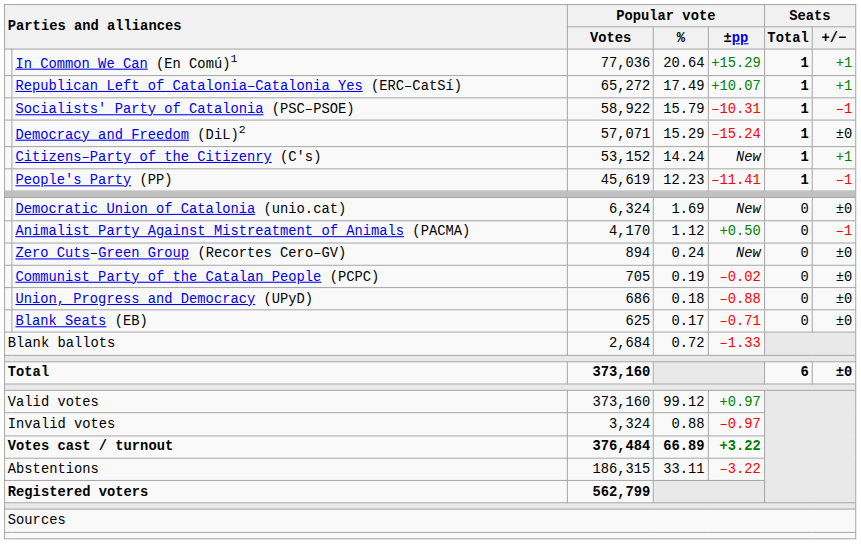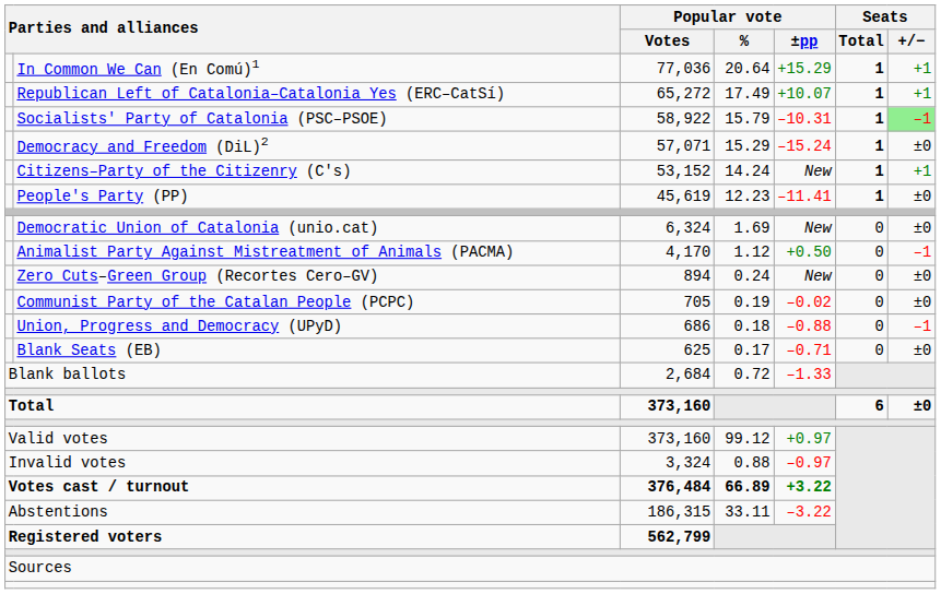 <table class="wikitable" style="text-align:right;">
 <tr>
 <th style="text-align:left;" rowspan="2" colspan="2" width="525">Parties and alliances</th>
 <th colspan="3">Popular vote</th>
 <th colspan="2">Seats</th>
 </tr>
 <tr>
 <th width="75">Votes</th>
 <th width="45">%</th>
 <th width="45">±<a href='#'>pp</a></th>
 <th width="35">Total</th>
 <th width="35">+/−</th>
 </tr>
 <tr>
 <td width="1" style="color:inherit;background:"></td>
 <td align="left"><a href='#'>In Common We Can</a> (En Comú)<sup>1</sup></td>
 <td>77,036</td>
 <td>20.64</td>
 <td style="color:green;">+15.29</td>
 <td><strong>1</strong></td>
 <td style="color:green;">+1</td>
 </tr>
 <tr>
 <td style="color:inherit;background:"></td>
 <td align="left"><a href='#'>Republican Left of Catalonia–Catalonia Yes</a> (ERC–CatSí)</td>
 <td>65,272</td>
 <td>17.49</td>
 <td style="color:green;">+10.07</td>
 <td><strong>1</strong></td>
 <td style="color:green;">+1</td>
 </tr>
 <tr>
 <td style="color:inherit;background:"></td>
 <td align="left"><a href='#'>Socialists' Party of Catalonia</a> (PSC–PSOE)</td>
 <td>58,922</td>
 <td>15.79</td>
 <td style="color:red;">–10.31</td>
 <td><strong>1</strong></td>
-<td style="color:red;">–1</td>
+<td style="background: lightgreen; color:red;">–1</td>
 </tr>
 <tr>
 <td style="color:inherit;background:"></td>
 <td align="left"><a href='#'>Democracy and Freedom</a> (DiL)<sup>2</sup></td>
 <td>57,071</td>
 <td>15.29</td>
 <td style="color:red;">–15.24</td>
 <td><strong>1</strong></td>
 <td>±0</td>
 </tr>
 <tr>
 <td style="color:inherit;background:"></td>
 <td align="left"><a href='#'>Citizens–Party of the Citizenry</a> (C's)</td>
 <td>53,152</td>
 <td>14.24</td>
 <td><em>New</em></td>
 <td><strong>1</strong></td>
 <td style="color:green;">+1</td>
 </tr>
 <tr>
 <td style="color:inherit;background:"></td>
 <td align="left"><a href='#'>People's Party</a> (PP)</td>
 <td>45,619</td>
 <td>12.23</td>
 <td style="color:red;">–11.41</td>
 <td><strong>1</strong></td>
-<td style="color:red;">–1</td>
+<td>±0</td>
 </tr>
 <tr>
 <td colspan="7" bgcolor="#C0C0C0"></td>
 </tr>
 <tr>
 <td style="color:inherit;background:"></td>
 <td align="left"><a href='#'>Democratic Union of Catalonia</a> (unio.cat)</td>
 <td>6,324</td>
 <td>1.69</td>
 <td><em>New</em></td>
 <td>0</td>
 <td>±0</td>
 </tr>
 <tr>
 <td style="color:inherit;background:"></td>
 <td align="left"><a href='#'>Animalist Party Against Mistreatment of Animals</a> (PACMA)</td>
 <td>4,170</td>
 <td>1.12</td>
 <td style="color:green;">+0.50</td>
 <td>0</td>
 <td style="color:red;">–1</td>
 </tr>
 <tr>
 <td style="color:inherit;background:"></td>
 <td align="left"><a href='#'>Zero Cuts</a>–<a href='#'>Green Group</a> (Recortes Cero–GV)</td>
 <td>894</td>
 <td>0.24</td>
 <td><em>New</em></td>
 <td>0</td>
 <td>±0</td>
 </tr>
 <tr>
 <td style="color:inherit;background:"></td>
 <td align="left"><a href='#'>Communist Party of the Catalan People</a> (PCPC)</td>
 <td>705</td>
 <td>0.19</td>
 <td style="color:red;">–0.02</td>
 <td>0</td>
 <td>±0</td>
 </tr>
 <tr>
 <td style="color:inherit;background:"></td>
 <td align="left"><a href='#'>Union, Progress and Democracy</a> (UPyD)</td>
 <td>686</td>
 <td>0.18</td>
 <td style="color:red;">–0.88</td>
 <td>0</td>
-<td>±0</td>
+<td style="color:red;">–1</td>
 </tr>
 <tr>
 <td style="color:inherit;background:"></td>
 <td align="left"><a href='#'>Blank Seats</a> (EB)</td>
 <td>625</td>
 <td>0.17</td>
 <td style="color:red;">–0.71</td>
 <td>0</td>
 <td>±0</td>
 </tr>
 <tr>
 <td align="left" colspan="2">Blank ballots</td>
 <td>2,684</td>
 <td>0.72</td>
 <td style="color:red;">–1.33</td>
 <td bgcolor="#E9E9E9" colspan="2"></td>
 </tr>
 <tr>
 <td colspan="7" bgcolor="#E9E9E9"></td>
 </tr>
 <tr style="font-weight:bold;">
 <td align="left" colspan="2">Total</td>
 <td>373,160</td>
 <td bgcolor="#E9E9E9" colspan="2"></td>
 <td>6</td>
 <td>±0</td>
 </tr>
 <tr>
 <td colspan="7" bgcolor="#E9E9E9"></td>
 </tr>
 <tr>
 <td align="left" colspan="2">Valid votes</td>
 <td>373,160</td>
 <td>99.12</td>
 <td style="color:green;">+0.97</td>
 <td bgcolor="#E9E9E9" colspan="2" rowspan="5"></td>
 </tr>
 <tr>
 <td align="left" colspan="2">Invalid votes</td>
 <td>3,324</td>
 <td>0.88</td>
 <td style="color:red;">–0.97</td>
 </tr>
 <tr style="font-weight:bold;">
 <td align="left" colspan="2">Votes cast / turnout</td>
 <td>376,484</td>
 <td>66.89</td>
 <td style="color:green;">+3.22</td>
 </tr>
 <tr>
 <td align="left" colspan="2">Abstentions</td>
 <td>186,315</td>
 <td>33.11</td>
 <td style="color:red;">–3.22</td>
 </tr>
 <tr style="font-weight:bold;">
 <td align="left" colspan="2">Registered voters</td>
 <td>562,799</td>
 <td bgcolor="#E9E9E9" colspan="2"></td>
 </tr>
 <tr>
 <td colspan="7" bgcolor="#E9E9E9"></td>
 </tr>
 <tr>
 <td align="left" colspan="7">Sources</td>
 </tr>
 <tr>
 <td colspan="7" style="text-align:left; max-width:790px;"></td>
 </tr>
 </table>
